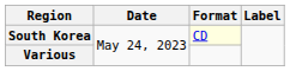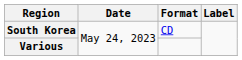 <table class="wikitable plainrowheaders">
 <tr>
 <th scope="col">Region</th>
 <th scope="col">Date</th>
 <th scope="col">Format</th>
 <th scope="col">Label</th>
 </tr>
 <tr>
 <th scope="row">South Korea</th>
 <td rowspan="2">May 24, 2023</td>
-<td style="background: lightyellow;"><a href='#'>CD</a></td>
+<td><a href='#'>CD</a></td>
 <td rowspan="2"></td>
 </tr>
 <tr>
 <th scope="row">Various</th>
 <td></td>
 </tr>
 </table>
